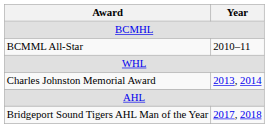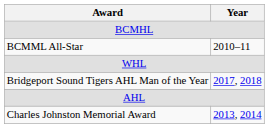 <table class="wikitable">
 <tr>
 <th>Award</th>
 <th>Year</th>
 </tr>
 <tr ALIGN="center" bgcolor="#e0e0e0">
 <td colspan="2"><a href='#'>BCMHL</a></td>
 </tr>
 <tr>
 <td>BCMML All-Star</td>
 <td>2010–11</td>
 </tr>
 <tr ALIGN="center" bgcolor="#e0e0e0">
 <td colspan="2"><a href='#'>WHL</a></td>
 </tr>
 <tr>
-<td>Charles Johnston Memorial Award</td>
-<td><a href='#'>2013</a>, <a href='#'>2014</a></td>
+<td>Bridgeport Sound Tigers AHL Man of the Year</td>
+<td><a href='#'>2017</a>, <a href='#'>2018</a></td>
 </tr>
 <tr ALIGN="center" bgcolor="#e0e0e0">
 <td colspan="2"><a href='#'>AHL</a></td>
 </tr>
 <tr>
-<td>Bridgeport Sound Tigers AHL Man of the Year</td>
-<td><a href='#'>2017</a>, <a href='#'>2018</a></td>
+<td>Charles Johnston Memorial Award</td>
+<td><a href='#'>2013</a>, <a href='#'>2014</a></td>
 </tr>
 </table>
